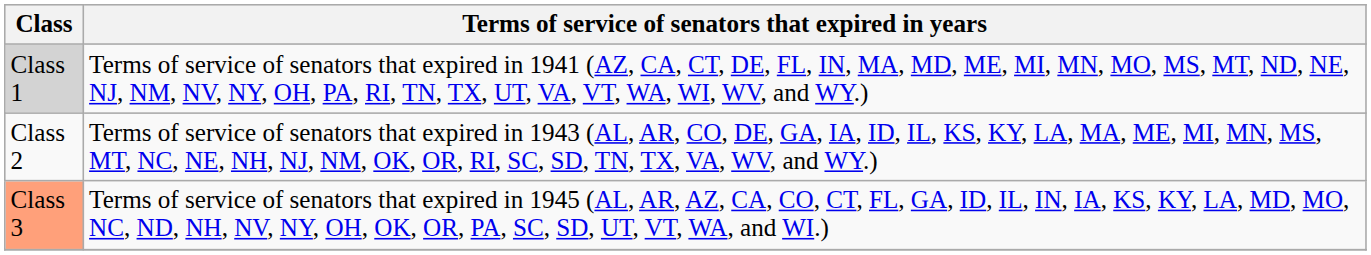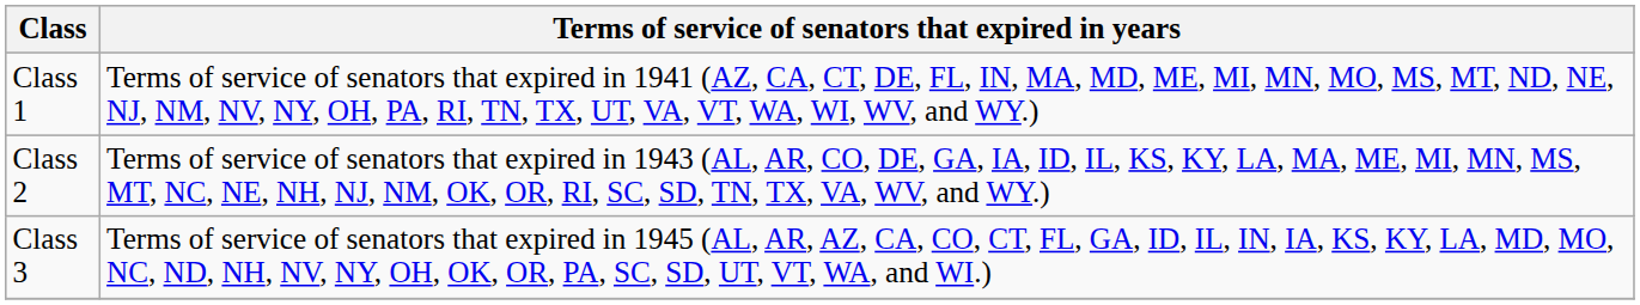 <table class="wikitable sortable">
 <tr valign=bottom>
 <th>Class</th>
 <th>Terms of service of senators that expired in years</th>
 </tr>
 <tr>
-<td style="background: lightgrey;">Class 1</td>
+<td>Class 1</td>
 <td>Terms of service of senators that expired in 1941 (<a href='#'>AZ</a>, <a href='#'>CA</a>, <a href='#'>CT</a>, <a href='#'>DE</a>, <a href='#'>FL</a>, <a href='#'>IN</a>, <a href='#'>MA</a>, <a href='#'>MD</a>, <a href='#'>ME</a>,  <a href='#'>MI</a>, <a href='#'>MN</a>, <a href='#'>MO</a>, <a href='#'>MS</a>, <a href='#'>MT</a>, <a href='#'>ND</a>, <a href='#'>NE</a>, <a href='#'>NJ</a>, <a href='#'>NM</a>, <a href='#'>NV</a>, <a href='#'>NY</a>, <a href='#'>OH</a>, <a href='#'>PA</a>, <a href='#'>RI</a>, <a href='#'>TN</a>, <a href='#'>TX</a>, <a href='#'>UT</a>, <a href='#'>VA</a>, <a href='#'>VT</a>, <a href='#'>WA</a>, <a href='#'>WI</a>, <a href='#'>WV</a>, and <a href='#'>WY</a>.)</td>
 </tr>
 <tr>
 <td>Class 2</td>
 <td>Terms of service of senators that expired in 1943 (<a href='#'>AL</a>, <a href='#'>AR</a>, <a href='#'>CO</a>, <a href='#'>DE</a>, <a href='#'>GA</a>, <a href='#'>IA</a>, <a href='#'>ID</a>, <a href='#'>IL</a>, <a href='#'>KS</a>, <a href='#'>KY</a>, <a href='#'>LA</a>, <a href='#'>MA</a>, <a href='#'>ME</a>, <a href='#'>MI</a>, <a href='#'>MN</a>, <a href='#'>MS</a>, <a href='#'>MT</a>, <a href='#'>NC</a>, <a href='#'>NE</a>, <a href='#'>NH</a>, <a href='#'>NJ</a>, <a href='#'>NM</a>, <a href='#'>OK</a>, <a href='#'>OR</a>, <a href='#'>RI</a>, <a href='#'>SC</a>, <a href='#'>SD</a>, <a href='#'>TN</a>, <a href='#'>TX</a>, <a href='#'>VA</a>, <a href='#'>WV</a>, and <a href='#'>WY</a>.)</td>
 </tr>
 <tr>
-<td style="background: lightsalmon;">Class 3</td>
+<td>Class 3</td>
 <td>Terms of service of senators that expired in 1945 (<a href='#'>AL</a>, <a href='#'>AR</a>, <a href='#'>AZ</a>, <a href='#'>CA</a>, <a href='#'>CO</a>, <a href='#'>CT</a>, <a href='#'>FL</a>, <a href='#'>GA</a>, <a href='#'>ID</a>, <a href='#'>IL</a>, <a href='#'>IN</a>, <a href='#'>IA</a>, <a href='#'>KS</a>, <a href='#'>KY</a>, <a href='#'>LA</a>, <a href='#'>MD</a>, <a href='#'>MO</a>, <a href='#'>NC</a>, <a href='#'>ND</a>, <a href='#'>NH</a>, <a href='#'>NV</a>, <a href='#'>NY</a>, <a href='#'>OH</a>, <a href='#'>OK</a>, <a href='#'>OR</a>, <a href='#'>PA</a>, <a href='#'>SC</a>, <a href='#'>SD</a>, <a href='#'>UT</a>, <a href='#'>VT</a>, <a href='#'>WA</a>, and <a href='#'>WI</a>.)</td>
 </tr>
 <tr>
 </tr>
 </table>
